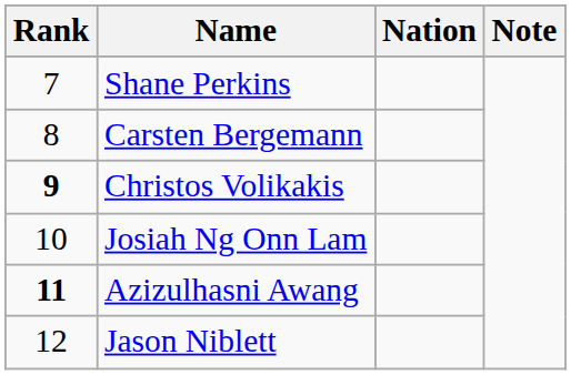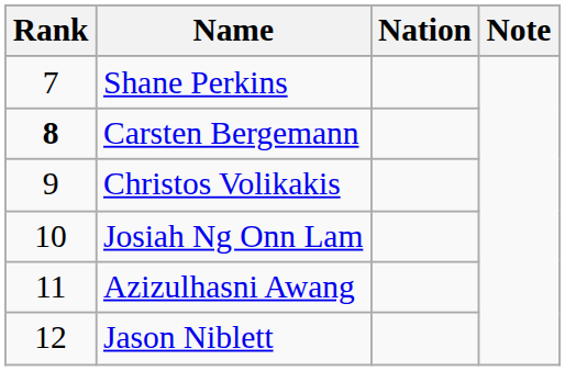 <table class=wikitable sortable style=text-align:center>
 <tr>
 <th>Rank</th>
 <th>Name</th>
 <th>Nation</th>
 <th>Note</th>
 </tr>
 <tr>
 <td>7</td>
 <td align=left><a href='#'>Shane Perkins</a></td>
 <td align=left></td>
 </tr>
 <tr>
-<td>8</td>
+<td><strong>8</strong></td>
 <td align=left><a href='#'>Carsten Bergemann</a></td>
 <td align=left></td>
 </tr>
 <tr>
-<td><strong>9</strong></td>
+<td>9</td>
 <td align=left><a href='#'>Christos Volikakis</a></td>
 <td align=left></td>
 </tr>
 <tr>
 <td>10</td>
 <td align=left><a href='#'>Josiah Ng Onn Lam</a></td>
 <td align=left></td>
 </tr>
 <tr>
-<td><strong>11</strong></td>
+<td>11</td>
 <td align=left><a href='#'>Azizulhasni Awang</a></td>
 <td align=left></td>
 </tr>
 <tr>
 <td>12</td>
 <td align=left><a href='#'>Jason Niblett</a></td>
 <td align=left></td>
 </tr>
 </table>
